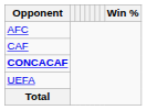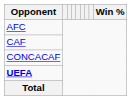 <table class="wikitable sortable collapsible collapsed" style="text-align: center;">
 <tr>
 <th>Opponent</th>
 <th></th>
 <th></th>
 <th></th>
 <th></th>
 <th></th>
 <th></th>
 <th></th>
 <th>Win %</th>
 </tr>
 <tr>
 <td align="left"><a href='#'>AFC</a><br></td>
 </tr>
 <tr>
 <td align="left"><a href='#'>CAF</a><br></td>
 </tr>
 <tr>
-<td align="left"><strong><a href='#'>CONCACAF</a><br></strong></td>
+<td align="left"><a href='#'>CONCACAF</a><br></td>
 </tr>
 <tr>
-<td align="left"><a href='#'>UEFA</a><br></td>
+<td align="left"><strong><a href='#'>UEFA</a><br></strong></td>
 </tr>
 <tr class="sortbottom">
 <th>Total<br></th>
 </tr>
 </table>
